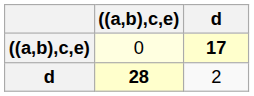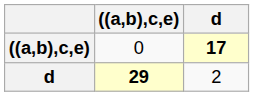 <table class="wikitable" style="text-align: center">
 <tr>
 <th style="width: 50px;"></th>
 <th style="width: 50px;">((a,b),c,e)</th>
 <th style="width: 50px;">d</th>
 </tr>
 <tr>
 <th>((a,b),c,e)</th>
-<td style="background: lightyellow;">0</td>
+<td>0</td>
 <td style=background:#ffffcc;><strong>17</strong></td>
 </tr>
 <tr>
 <th>d</th>
-<td style=background:#ffffcc;><strong>28</strong></td>
+<td style=background:#ffffcc;><strong>29</strong></td>
 <td>2</td>
 </tr>
 </table>
